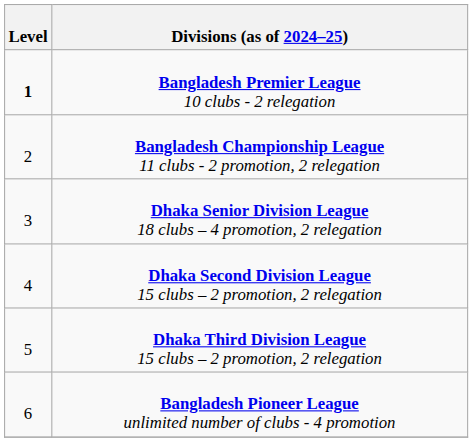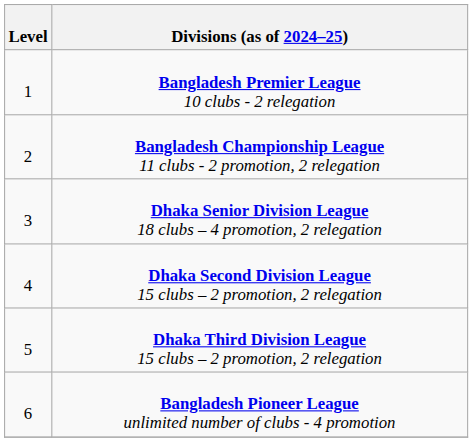 <table class="wikitable" style="margin:1em auto; text-align: center; width:50%">
 <tr>
 <th style="width:4%;"><br>Level</th>
 <th style="width:96%;"><br>Divisions (as of <a href='#'>2024–25</a>)</th>
 </tr>
 <tr>
-<td style="width:4%;"><strong><br>1</strong></td>
+<td style="width:4%;"><br>1</td>
 <td style="width:96%;"><br><strong><a href='#'>Bangladesh Premier League</a></strong> <br> <em>10 clubs - 2 relegation</em></td>
 </tr>
 <tr>
 <td style="width:4%;"><br>2</td>
 <td style="width:96%;"><br><strong><a href='#'>Bangladesh Championship League</a></strong> <br><em>11 clubs - 2 promotion,  2 relegation</em></td>
 </tr>
 <tr>
 <td style="width:4%;"><br>3</td>
 <td style="width:48%;"><br><strong><a href='#'>Dhaka Senior Division League</a></strong> <br><em>18 clubs – 4 promotion, 2 relegation</em></td>
 </tr>
 <tr>
 <td style="width:4%;"><br>4</td>
 <td style="width:96%;"><br><strong><a href='#'>Dhaka Second Division League</a></strong> <br><em>15 clubs – 2 promotion, 2 relegation</em></td>
 </tr>
 <tr>
 <td style="width:4%;"><br>5</td>
 <td style="width:96%;"><br><strong><a href='#'>Dhaka Third Division League</a></strong> <br><em>15 clubs – 2 promotion, 2 relegation</em></td>
 </tr>
 <tr>
 <td style="width:4%;"><br>6</td>
 <td style="width:96%;"><br><strong><a href='#'>Bangladesh Pioneer League</a></strong> <br><em>unlimited number of clubs - 4 promotion</em></td>
 </tr>
 <tr>
 </tr>
 </table>
